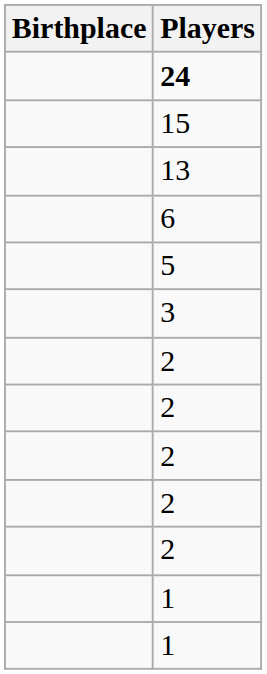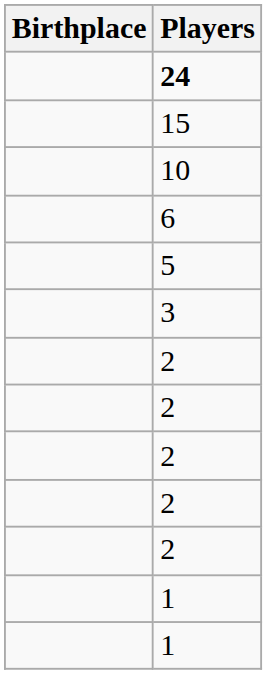 <table class="wikitable sortable">
 <tr>
 <th>Birthplace</th>
 <th>Players</th>
 </tr>
 <tr>
 <td></td>
 <td><strong>24</strong></td>
 </tr>
 <tr>
 <td></td>
 <td>15</td>
 </tr>
 <tr>
 <td></td>
-<td>13</td>
+<td>10</td>
 </tr>
 <tr>
 <td></td>
 <td>6</td>
 </tr>
 <tr>
 <td></td>
 <td>5</td>
 </tr>
 <tr>
 <td></td>
 <td>3</td>
 </tr>
 <tr>
 <td></td>
 <td>2</td>
 </tr>
 <tr>
 <td></td>
 <td>2</td>
 </tr>
 <tr>
 <td></td>
 <td>2</td>
 </tr>
 <tr>
 <td></td>
 <td>2</td>
 </tr>
 <tr>
 <td></td>
 <td>2</td>
 </tr>
 <tr>
 <td></td>
 <td>1</td>
 </tr>
 <tr>
 <td></td>
 <td>1</td>
 </tr>
 </table>
